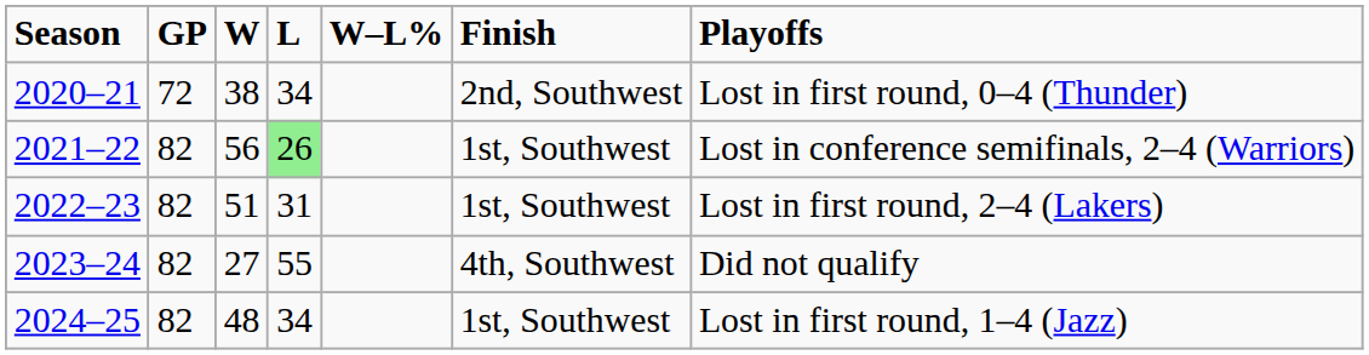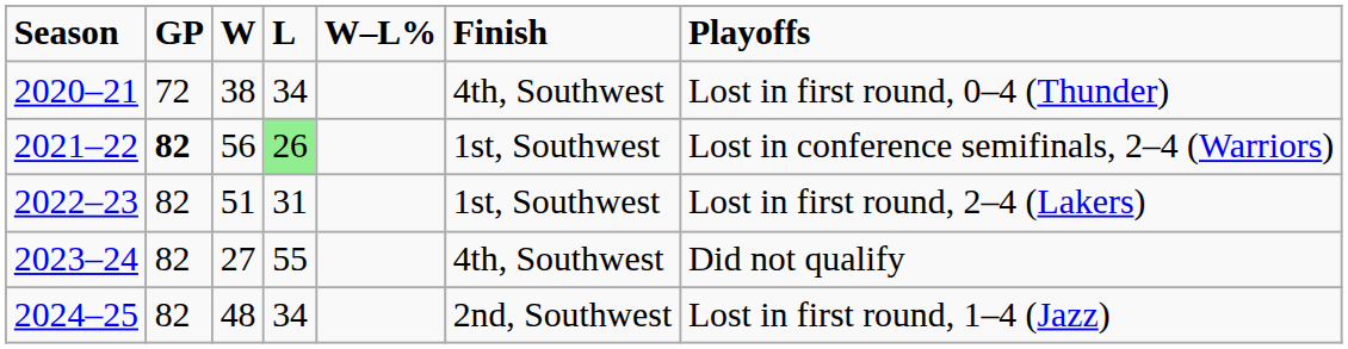 <table class="wikitable">
 <tr style="font-weight:bold; ">
 <td>Season</td>
 <td>GP</td>
 <td>W</td>
 <td>L</td>
 <td>W–L%</td>
 <td>Finish</td>
 <td>Playoffs</td>
 </tr>
 <tr>
 <td><a href='#'>2020–21</a></td>
 <td>72</td>
 <td>38</td>
 <td>34</td>
 <td></td>
-<td>2nd, Southwest</td>
+<td>4th, Southwest</td>
 <td>Lost in first round, 0–4 (<a href='#'>Thunder</a>)</td>
 </tr>
 <tr>
 <td><a href='#'>2021–22</a></td>
-<td>82</td>
+<td><strong>82</strong></td>
 <td>56</td>
 <td style="background: lightgreen;">26</td>
 <td></td>
 <td>1st, Southwest</td>
 <td>Lost in conference semifinals, 2–4 (<a href='#'>Warriors</a>)</td>
 </tr>
 <tr>
 <td><a href='#'>2022–23</a></td>
 <td>82</td>
 <td>51</td>
 <td>31</td>
 <td></td>
 <td>1st, Southwest</td>
 <td>Lost in first round, 2–4 (<a href='#'>Lakers</a>)</td>
 </tr>
 <tr>
 <td><a href='#'>2023–24</a></td>
 <td>82</td>
 <td>27</td>
 <td>55</td>
 <td></td>
 <td>4th, Southwest</td>
 <td>Did not qualify</td>
 </tr>
 <tr>
 <td><a href='#'>2024–25</a></td>
 <td>82</td>
 <td>48</td>
 <td>34</td>
 <td></td>
-<td>1st, Southwest</td>
+<td>2nd, Southwest</td>
 <td>Lost in first round, 1–4 (<a href='#'>Jazz</a>)</td>
 </tr>
 </table>
